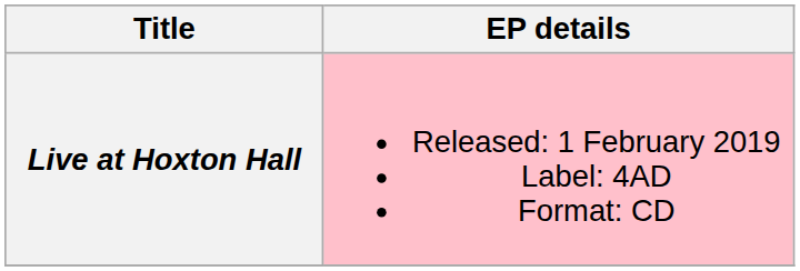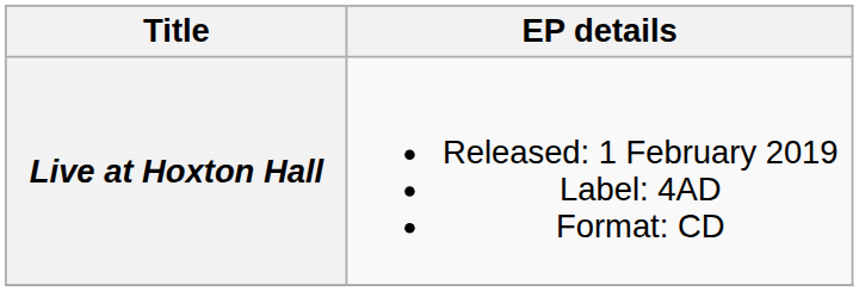 <table class="wikitable plainrowheaders" style="text-align:center;">
 <tr>
 <th scope="col" style="width:10em;">Title</th>
 <th scope="col" style="width:15em;">EP details</th>
 </tr>
 <tr>
 <th scope="row"><em>Live at Hoxton Hall</em></th>
-<td style="background: pink;"><br><ul><li>Released: 1 February 2019</li><li>Label: 4AD</li><li>Format: CD</li></ul></td>
+<td><br><ul><li>Released: 1 February 2019</li><li>Label: 4AD</li><li>Format: CD</li></ul></td>
 </tr>
 <tr>
 </tr>
 </table>
